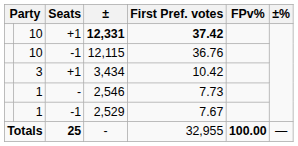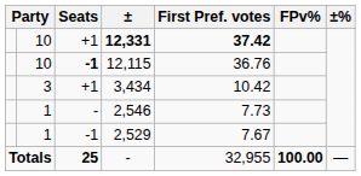 <table class=wikitable>
 <tr>
 <th colspan=2 align=center>Party</th>
 <th valign=top>Seats</th>
 <th valign=top>±</th>
 <th valign=top>First Pref. votes</th>
 <th valign=top>FPv%</th>
 <th valign=top>±%</th>
 </tr>
 <tr>
 <td></td>
 <td align=right>10</td>
 <td align=right>+1</td>
 <td align=right><strong>12,331</strong></td>
 <td align=right><strong>37.42</strong></td>
 <td align=right></td>
 </tr>
 <tr>
 <td></td>
 <td align=right>10</td>
-<td align=right>-1</td>
+<td align=right><strong>-1</strong></td>
 <td align=right>12,115</td>
 <td align=right>36.76</td>
 <td align=right></td>
 </tr>
 <tr>
 <td></td>
 <td align=right>3</td>
 <td align=right>+1</td>
 <td align=right>3,434</td>
 <td align=right>10.42</td>
 <td align=right></td>
 </tr>
 <tr>
 <td></td>
 <td align=right>1</td>
 <td align=right>-</td>
 <td align=right>2,546</td>
 <td align=right>7.73</td>
 <td align=right></td>
 </tr>
 <tr>
 <td></td>
 <td align=right>1</td>
 <td align=right>-1</td>
 <td align=right>2,529</td>
 <td align=right>7.67</td>
 <td align=right></td>
 </tr>
 <tr>
 <td colspan=2 align=center><strong>Totals</strong></td>
 <td align=right><strong>25</strong></td>
 <td align=center>-</td>
 <td align=right>32,955</td>
 <td align=center><strong>100.00</strong></td>
 <td align=center>—</td>
 </tr>
 </table>
